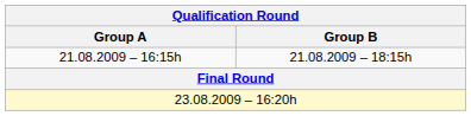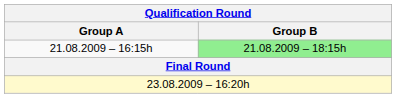 <table class="wikitable" style=" text-align:center;" width="35%">
 <tr>
 <th colspan="2"><a href='#'>Qualification Round</a></th>
 </tr>
 <tr>
 <th>Group A</th>
 <th>Group B</th>
 </tr>
 <tr>
 <td>21.08.2009 – 16:15h</td>
-<td>21.08.2009 – 18:15h</td>
+<td style="background: lightgreen;">21.08.2009 – 18:15h</td>
 </tr>
 <tr>
 <th colspan="2"><a href='#'>Final Round</a></th>
 </tr>
 <tr style=background:lemonchiffon>
 <td colspan="2">23.08.2009 – 16:20h</td>
 </tr>
 </table>
